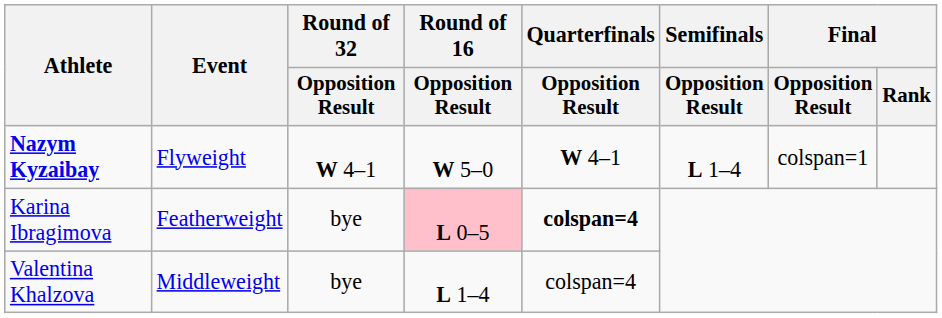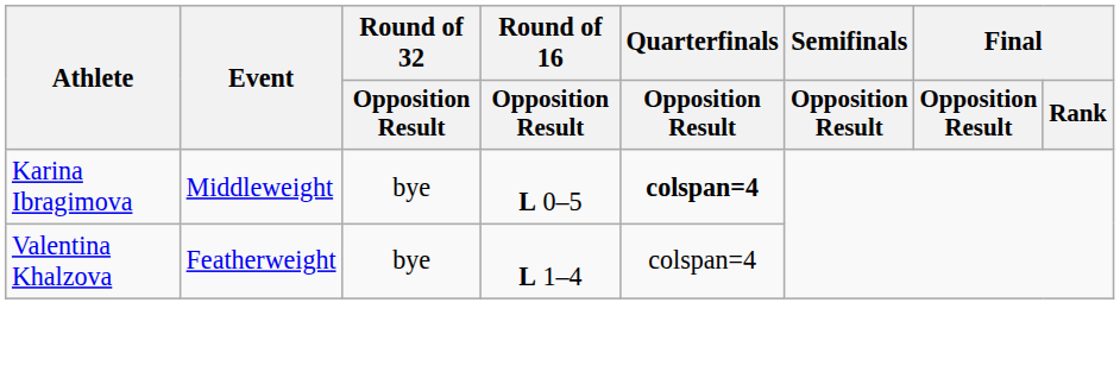 <table class="wikitable" style="font-size:90%">
 <tr>
 <th rowspan="2">Athlete</th>
 <th rowspan="2">Event</th>
 <th>Round of 32</th>
 <th>Round of 16</th>
 <th>Quarterfinals</th>
 <th>Semifinals</th>
 <th colspan=2>Final</th>
 </tr>
 <tr style="font-size:95%">
 <th>Opposition<br>Result</th>
 <th>Opposition<br>Result</th>
 <th>Opposition<br>Result</th>
 <th>Opposition<br>Result</th>
 <th>Opposition<br>Result</th>
 <th>Rank</th>
 </tr>
 <tr align=center>
-<td align=left><strong><a href='#'>Nazym Kyzaibay</a></strong></td>
-<td align=left><a href='#'>Flyweight</a></td>
-<td><br> <strong>W</strong> 4–1</td>
-<td><br> <strong>W</strong> 5–0</td>
-<td> <strong>W</strong> 4–1</td>
-<td><br> <strong>L</strong> 1–4</td>
-<td>colspan=1 </td>
-<td></td>
-</tr>
-<tr align=center>
 <td align=left><a href='#'>Karina Ibragimova</a></td>
-<td align=left><a href='#'>Featherweight</a></td>
+<td align=left><a href='#'>Middleweight</a></td>
 <td>bye</td>
-<td style="background: pink;"><br> <strong>L</strong> 0–5</td>
+<td><br> <strong>L</strong> 0–5</td>
 <td><strong>colspan=4 </strong></td>
 </tr>
 <tr align=center>
 <td align=left><a href='#'>Valentina Khalzova</a></td>
-<td align=left><a href='#'>Middleweight</a></td>
+<td align=left><a href='#'>Featherweight</a></td>
 <td>bye</td>
 <td><br> <strong>L</strong> 1–4</td>
 <td>colspan=4 </td>
 </tr>
 </table>
